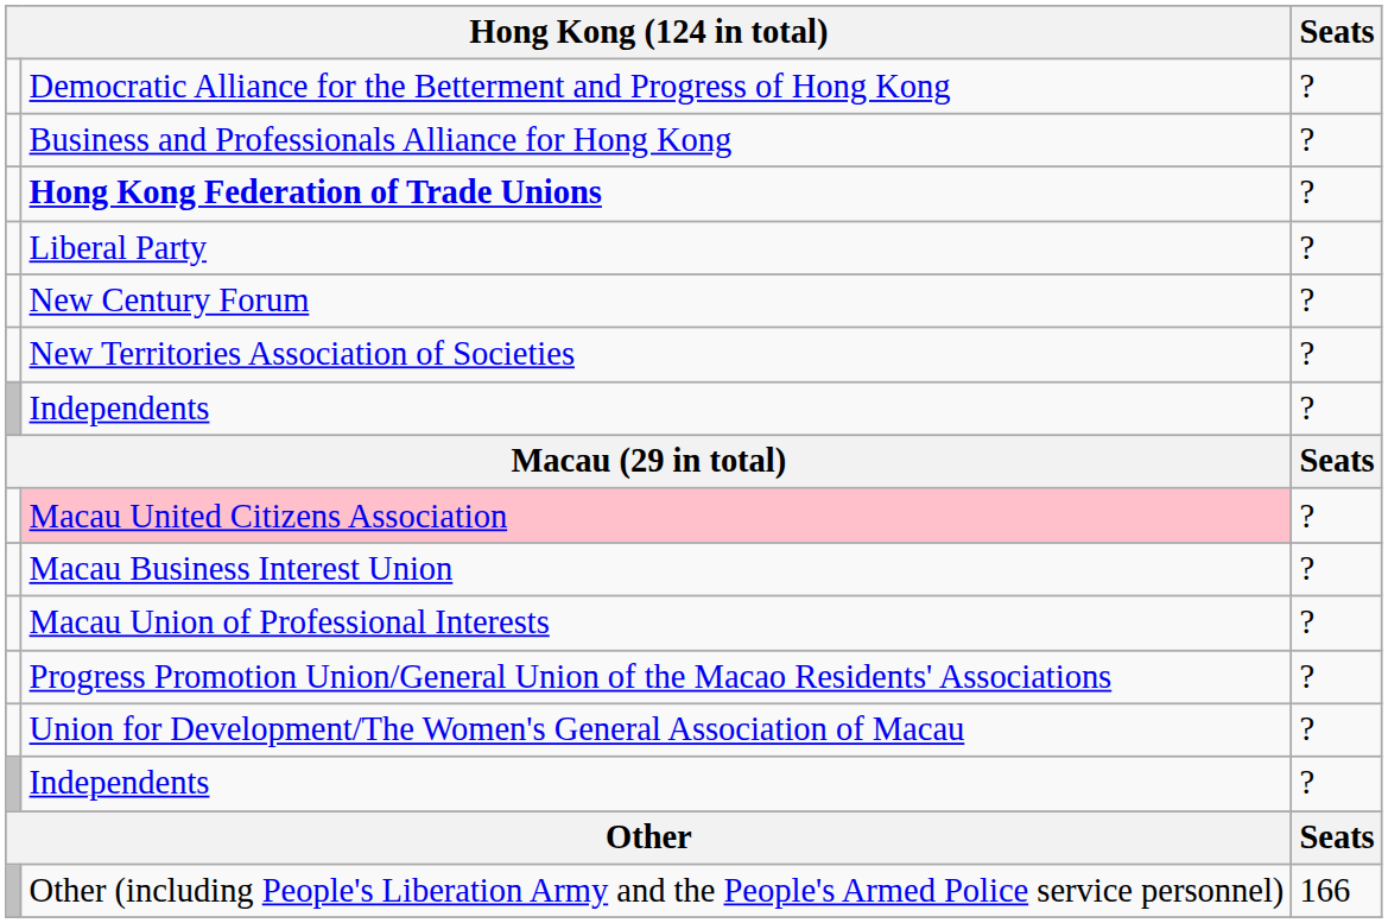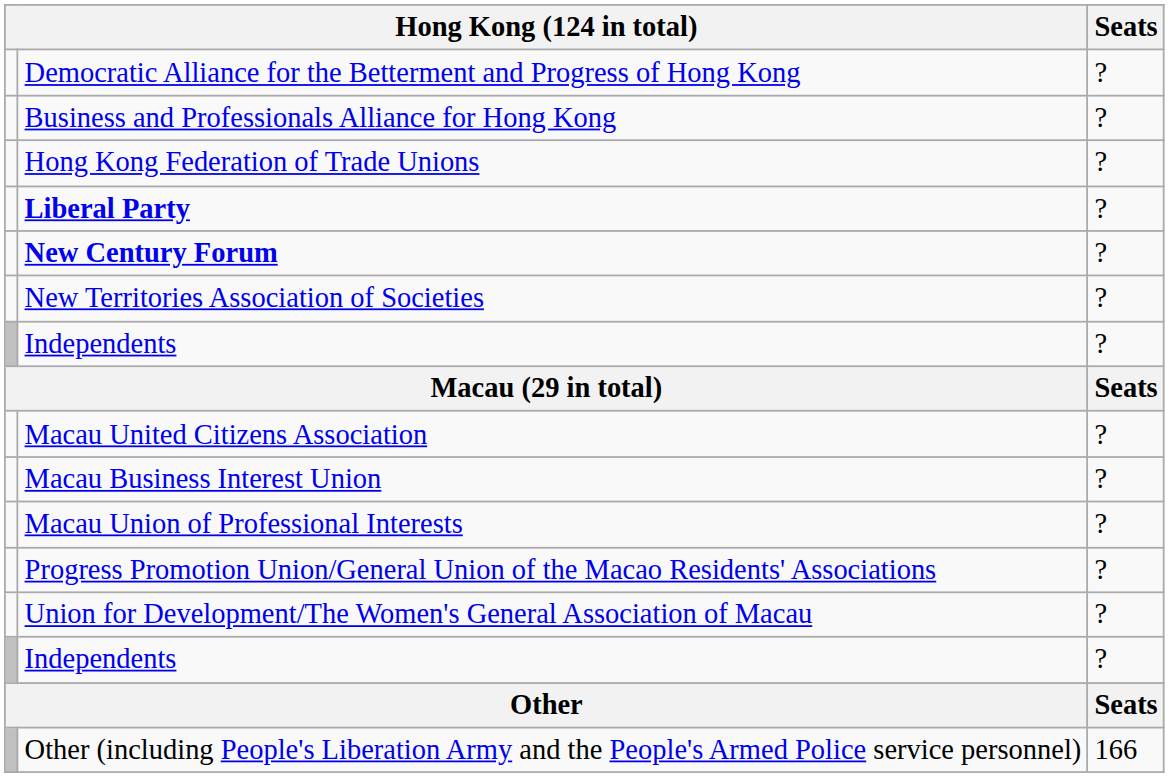 <table class="wikitable">
 <tr>
 <th colspan="2">Hong Kong (124 in total)</th>
 <th>Seats</th>
 </tr>
 <tr>
 <td style="background: "></td>
 <td><a href='#'>Democratic Alliance for the Betterment and Progress of Hong Kong</a></td>
 <td>?</td>
 </tr>
 <tr>
 <td style="background: "></td>
 <td><a href='#'>Business and Professionals Alliance for Hong Kong</a></td>
 <td>?</td>
 </tr>
 <tr>
 <td style="background: "></td>
-<td><strong><a href='#'>Hong Kong Federation of Trade Unions</a></strong></td>
+<td><a href='#'>Hong Kong Federation of Trade Unions</a></td>
 <td>?</td>
 </tr>
 <tr>
 <td style="background: "></td>
-<td><a href='#'>Liberal Party</a></td>
+<td><strong><a href='#'>Liberal Party</a></strong></td>
 <td>?</td>
 </tr>
 <tr>
 <td style="background: "></td>
-<td><a href='#'>New Century Forum</a></td>
+<td><strong><a href='#'>New Century Forum</a></strong></td>
 <td>?</td>
 </tr>
 <tr>
 <td style="background: "></td>
 <td><a href='#'>New Territories Association of Societies</a></td>
 <td>?</td>
 </tr>
 <tr>
 <td style="background: #C0C0C0"></td>
 <td><a href='#'>Independents</a></td>
 <td>?</td>
 </tr>
 <tr>
 <th colspan="2">Macau (29 in total)</th>
 <th>Seats</th>
 </tr>
 <tr>
 <td style="background: "></td>
-<td style="background: pink;"><a href='#'>Macau United Citizens Association</a></td>
+<td><a href='#'>Macau United Citizens Association</a></td>
 <td>?</td>
 </tr>
 <tr>
 <td style="background: "></td>
 <td><a href='#'>Macau Business Interest Union</a></td>
 <td>?</td>
 </tr>
 <tr>
 <td style="background: "></td>
 <td><a href='#'>Macau Union of Professional Interests</a></td>
 <td>?</td>
 </tr>
 <tr>
 <td style="background: "></td>
 <td><a href='#'>Progress Promotion Union/General Union of the Macao Residents' Associations</a></td>
 <td>?</td>
 </tr>
 <tr>
 <td style="background: "></td>
 <td><a href='#'>Union for Development/The Women's General Association of Macau</a></td>
 <td>?</td>
 </tr>
 <tr>
 <td style="background: #C0C0C0"></td>
 <td><a href='#'>Independents</a></td>
 <td>?</td>
 </tr>
 <tr>
 <th colspan="2">Other</th>
 <th>Seats</th>
 </tr>
 <tr>
 <td style="background: #C0C0C0"></td>
 <td>Other (including <a href='#'>People's Liberation Army</a> and the <a href='#'>People's Armed Police</a> service personnel)</td>
 <td>166</td>
 </tr>
 </table>
